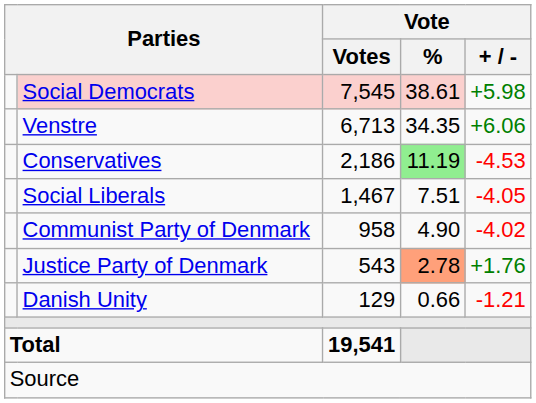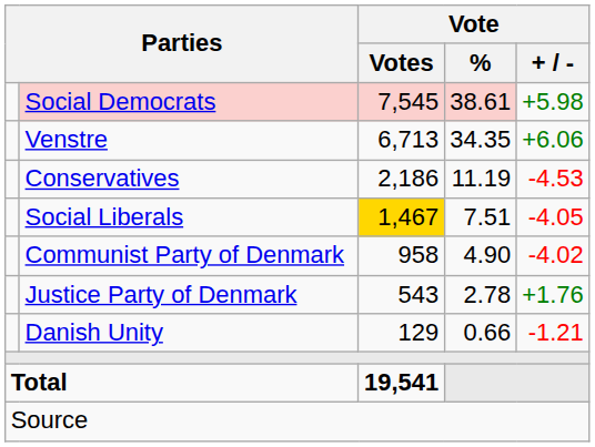 <table class="wikitable" style="text-align:right;">
 <tr>
 <th style="text-align:centre;" rowspan="2" colspan="2" width="225">Parties</th>
 <th colspan="3">Vote</th>
 </tr>
 <tr>
 <th width="15">Votes</th>
 <th width="15">%</th>
 <th width="15">+ / -</th>
 </tr>
 <tr>
 <td width="2" style="color:inherit;background:"></td>
 <td bgcolor=#fbd0ce  align="left"><a href='#'>Social Democrats</a></td>
 <td bgcolor=#fbd0ce>7,545</td>
 <td bgcolor=#fbd0ce>38.61</td>
 <td style=color:green;>+5.98</td>
 </tr>
 <tr>
 <td width="2" style="color:inherit;background:"></td>
 <td align="left"><a href='#'>Venstre</a></td>
 <td>6,713</td>
 <td>34.35</td>
 <td style=color:green;>+6.06</td>
 </tr>
 <tr>
 <td width="2" style="color:inherit;background:"></td>
 <td align="left"><a href='#'>Conservatives</a></td>
 <td>2,186</td>
-<td style="background: lightgreen;">11.19</td>
+<td>11.19</td>
 <td style=color:red;>-4.53</td>
 </tr>
 <tr>
 <td width="2" style="color:inherit;background:"></td>
 <td align="left"><a href='#'>Social Liberals</a></td>
-<td>1,467</td>
+<td style="background: gold;">1,467</td>
 <td>7.51</td>
 <td style=color:red;>-4.05</td>
 </tr>
 <tr>
 <td width="2" style="color:inherit;background:"></td>
 <td align="left"><a href='#'>Communist Party of Denmark</a></td>
 <td>958</td>
 <td>4.90</td>
 <td style=color:red;>-4.02</td>
 </tr>
 <tr>
 <td width="2" style="color:inherit;background:"></td>
 <td align="left"><a href='#'>Justice Party of Denmark</a></td>
 <td>543</td>
-<td style="background: lightsalmon;">2.78</td>
+<td>2.78</td>
 <td style=color:green;>+1.76</td>
 </tr>
 <tr>
 <td width="2" style="color:inherit;background:"></td>
 <td align="left"><a href='#'>Danish Unity</a></td>
 <td>129</td>
 <td>0.66</td>
 <td style=color:red;>-1.21</td>
 </tr>
 <tr>
 <td colspan="7" bgcolor="#E9E9E9"></td>
 </tr>
 <tr>
 <td align="left" colspan="2"><strong>Total</strong></td>
 <td><strong>19,541</strong></td>
 <td bgcolor="#E9E9E9" colspan="2"></td>
 </tr>
 <tr>
 <td align="left" colspan="6">Source</td>
 </tr>
 </table>
